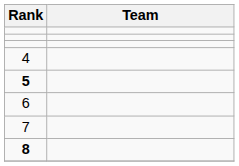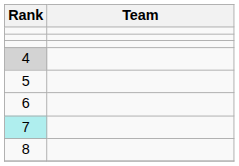 <table class="wikitable" style="text-align: center;">
 <tr>
 <th width=40>Rank</th>
 <th width=200>Team</th>
 </tr>
 <tr>
 <td></td>
 <td style="text-align:left;"></td>
 </tr>
 <tr>
 <td></td>
 <td style="text-align:left;"></td>
 </tr>
 <tr>
 <td></td>
 <td style="text-align:left;"></td>
 </tr>
 <tr>
-<td>4</td>
+<td style="background: lightgrey;">4</td>
 <td style="text-align:left;"></td>
 </tr>
 <tr>
-<td><strong>5</strong></td>
+<td>5</td>
 <td style="text-align:left;"></td>
 </tr>
 <tr>
 <td>6</td>
 <td style="text-align:left;"></td>
 </tr>
 <tr>
-<td>7</td>
+<td style="background: paleturquoise;">7</td>
 <td style="text-align:left;"></td>
 </tr>
 <tr>
-<td><strong>8</strong></td>
+<td>8</td>
 <td style="text-align:left;"></td>
 </tr>
 <tr>
 </tr>
 </table>
